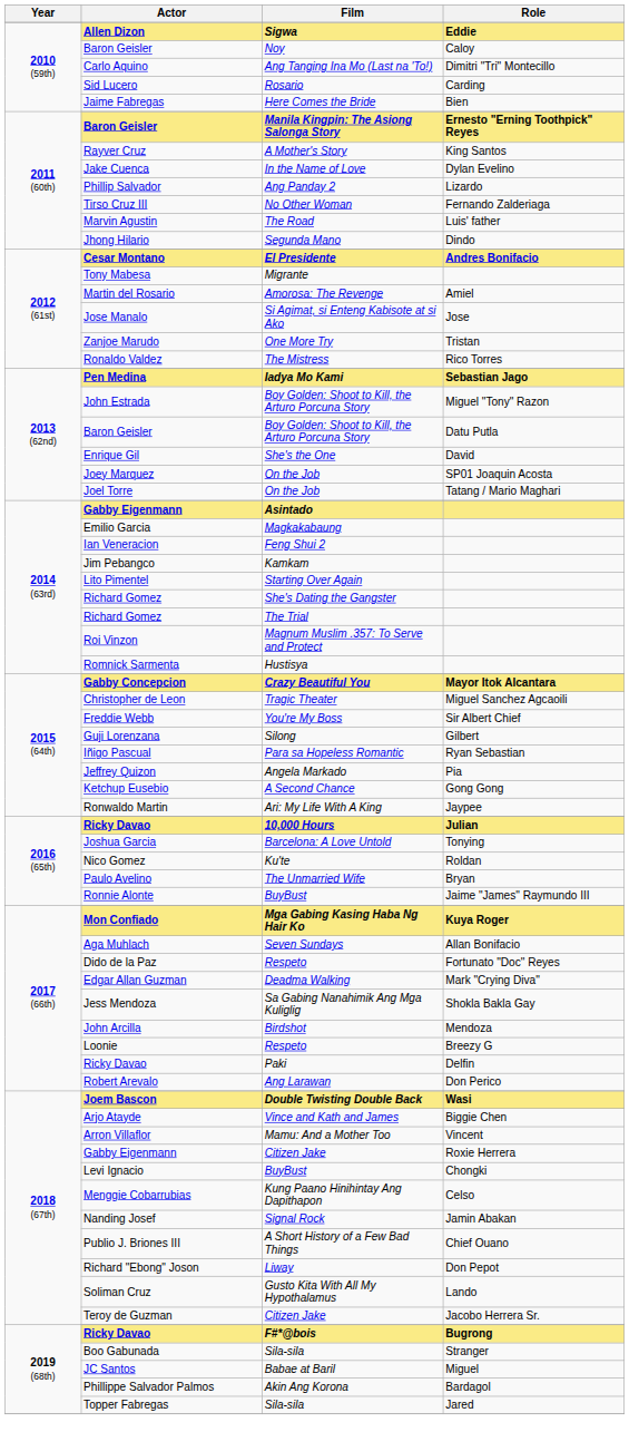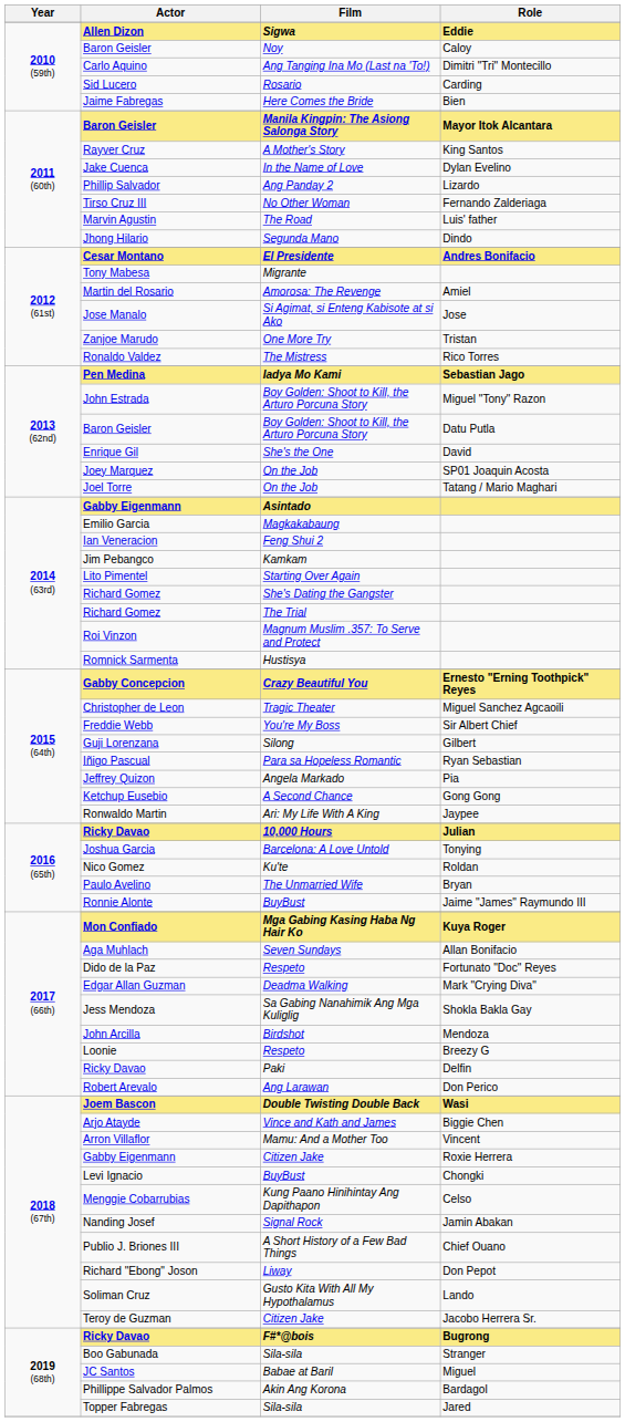 <table class="wikitable" style="width:100%">
 <tr bgcolor="#bebebe">
 <th width="8%">Year</th>
 <th width="19%">Actor</th>
 <th width="19%">Film</th>
 <th width="19%">Role</th>
 </tr>
 <tr>
 </tr>
 <tr>
 <td rowspan=6 style="text-align:center"><strong><a href='#'>2010</a></strong><br><small>(59th)</small></td>
 </tr>
 <tr style="background:#FAEB86">
 <td><strong><a href='#'>Allen Dizon</a></strong></td>
 <td><strong><em>Sigwa</em></strong></td>
 <td><strong>Eddie</strong></td>
 </tr>
 <tr>
 <td><a href='#'>Baron Geisler</a></td>
 <td><em><a href='#'>Noy</a></em></td>
 <td>Caloy</td>
 </tr>
 <tr>
 <td><a href='#'>Carlo Aquino</a></td>
 <td><em><a href='#'>Ang Tanging Ina Mo (Last na 'To!)</a></em></td>
 <td>Dimitri "Tri" Montecillo</td>
 </tr>
 <tr>
 <td><a href='#'>Sid Lucero</a></td>
 <td><em><a href='#'>Rosario</a></em></td>
 <td>Carding</td>
 </tr>
 <tr>
 <td><a href='#'>Jaime Fabregas</a></td>
 <td><em><a href='#'>Here Comes the Bride</a></em></td>
 <td>Bien</td>
 </tr>
 <tr>
 <td rowspan=8 style="text-align:center"><strong><a href='#'>2011</a></strong><br><small>(60th)</small></td>
 </tr>
 <tr style="background:#FAEB86">
 <td><strong><a href='#'>Baron Geisler</a></strong></td>
 <td><strong><em><a href='#'>Manila Kingpin: The Asiong Salonga Story</a></em></strong></td>
-<td><strong> Ernesto "Erning Toothpick" Reyes</strong></td>
+<td><strong>Mayor Itok Alcantara</strong></td>
 </tr>
 <tr>
 <td><a href='#'>Rayver Cruz</a></td>
 <td><em><a href='#'>A Mother's Story</a></em></td>
 <td>King Santos</td>
 </tr>
 <tr>
 <td><a href='#'>Jake Cuenca</a></td>
 <td><em><a href='#'>In the Name of Love</a></em></td>
 <td>Dylan Evelino</td>
 </tr>
 <tr>
 <td><a href='#'>Phillip Salvador</a></td>
 <td><em><a href='#'>Ang Panday 2</a></em></td>
 <td>Lizardo</td>
 </tr>
 <tr>
 <td><a href='#'>Tirso Cruz III</a></td>
 <td><em><a href='#'>No Other Woman</a></em></td>
 <td>Fernando Zalderiaga</td>
 </tr>
 <tr>
 <td><a href='#'>Marvin Agustin</a></td>
 <td><em><a href='#'>The Road</a></em></td>
 <td>Luis' father</td>
 </tr>
 <tr>
 <td><a href='#'>Jhong Hilario</a></td>
 <td><em><a href='#'>Segunda Mano</a></em></td>
 <td>Dindo</td>
 </tr>
 <tr>
 <td rowspan=7 style="text-align:center"><strong><a href='#'>2012</a></strong><br><small>(61st)</small></td>
 </tr>
 <tr style="background:#FAEB86">
 <td><strong><a href='#'>Cesar Montano</a></strong></td>
 <td><strong><em><a href='#'>El Presidente</a></em></strong></td>
 <td><strong><a href='#'>Andres Bonifacio</a></strong></td>
 </tr>
 <tr>
 <td><a href='#'>Tony Mabesa</a></td>
 <td><em>Migrante</em></td>
 <td></td>
 </tr>
 <tr>
 <td><a href='#'>Martin del Rosario</a></td>
 <td><em><a href='#'>Amorosa: The Revenge</a></em></td>
 <td>Amiel</td>
 </tr>
 <tr>
 <td><a href='#'>Jose Manalo</a></td>
 <td><em><a href='#'>Si Agimat, si Enteng Kabisote at si Ako</a></em></td>
 <td>Jose</td>
 </tr>
 <tr>
 <td><a href='#'>Zanjoe Marudo</a></td>
 <td><em><a href='#'>One More Try</a></em></td>
 <td>Tristan</td>
 </tr>
 <tr>
 <td><a href='#'>Ronaldo Valdez</a></td>
 <td><em><a href='#'>The Mistress</a></em></td>
 <td>Rico Torres</td>
 </tr>
 <tr>
 <td rowspan=7 style="text-align:center"><strong><a href='#'>2013</a></strong><br><small>(62nd)</small></td>
 </tr>
 <tr style="background:#FAEB86">
 <td><strong><a href='#'>Pen Medina</a></strong></td>
 <td><strong><em>Iadya Mo Kami</em></strong></td>
 <td><strong>Sebastian Jago</strong></td>
 </tr>
 <tr>
 <td><a href='#'>John Estrada</a></td>
 <td><em><a href='#'>Boy Golden: Shoot to Kill, the Arturo Porcuna Story</a></em></td>
 <td>Miguel "Tony" Razon</td>
 </tr>
 <tr>
 <td><a href='#'>Baron Geisler</a></td>
 <td><em><a href='#'>Boy Golden: Shoot to Kill, the Arturo Porcuna Story</a></em></td>
 <td>Datu Putla</td>
 </tr>
 <tr>
 <td><a href='#'>Enrique Gil</a></td>
 <td><em><a href='#'>She's the One</a></em></td>
 <td>David</td>
 </tr>
 <tr>
 <td><a href='#'>Joey Marquez</a></td>
 <td><em><a href='#'>On the Job</a></em></td>
 <td>SP01 Joaquin Acosta</td>
 </tr>
 <tr>
 <td><a href='#'>Joel Torre</a></td>
 <td><em><a href='#'>On the Job</a></em></td>
 <td>Tatang / Mario Maghari</td>
 </tr>
 <tr>
 <td rowspan=10 style="text-align:center"><strong><a href='#'>2014</a></strong><br><small>(63rd)</small></td>
 </tr>
 <tr style="background:#FAEB86">
 <td><strong><a href='#'>Gabby Eigenmann</a></strong></td>
 <td><strong><em>Asintado</em></strong></td>
 <td></td>
 </tr>
 <tr>
 <td>Emilio Garcia</td>
 <td><em><a href='#'>Magkakabaung</a></em></td>
 <td></td>
 </tr>
 <tr>
 <td><a href='#'>Ian Veneracion</a></td>
 <td><em><a href='#'>Feng Shui 2</a></em></td>
 <td></td>
 </tr>
 <tr>
 <td>Jim Pebangco</td>
 <td><em>Kamkam</em></td>
 <td></td>
 </tr>
 <tr>
 <td><a href='#'>Lito Pimentel</a></td>
 <td><em><a href='#'>Starting Over Again</a></em></td>
 <td></td>
 </tr>
 <tr>
 <td><a href='#'>Richard Gomez</a></td>
 <td><em><a href='#'>She's Dating the Gangster</a></em></td>
 <td></td>
 </tr>
 <tr>
 <td><a href='#'>Richard Gomez</a></td>
 <td><em><a href='#'>The Trial</a></em></td>
 <td></td>
 </tr>
 <tr>
 <td><a href='#'>Roi Vinzon</a></td>
 <td><em><a href='#'>Magnum Muslim .357: To Serve and Protect</a></em></td>
 <td></td>
 </tr>
 <tr>
 <td><a href='#'>Romnick Sarmenta</a></td>
 <td><em>Hustisya</em></td>
 <td></td>
 </tr>
 <tr>
 <td rowspan=9 style="text-align:center"><strong><a href='#'>2015</a></strong><br><small>(64th)</small></td>
 </tr>
 <tr style="background:#FAEB86">
 <td><strong><a href='#'>Gabby Concepcion</a></strong></td>
 <td><strong><em><a href='#'>Crazy Beautiful You</a></em></strong></td>
-<td><strong>Mayor Itok Alcantara</strong></td>
+<td><strong> Ernesto "Erning Toothpick" Reyes</strong></td>
 </tr>
 <tr>
 <td><a href='#'>Christopher de Leon</a></td>
 <td><em><a href='#'>Tragic Theater</a></em></td>
 <td>Miguel Sanchez Agcaoili</td>
 </tr>
 <tr>
 <td><a href='#'>Freddie Webb</a></td>
 <td><em><a href='#'>You're My Boss</a></em></td>
 <td>Sir Albert Chief</td>
 </tr>
 <tr>
 <td><a href='#'>Guji Lorenzana</a></td>
 <td><em>Silong</em></td>
 <td>Gilbert</td>
 </tr>
 <tr>
 <td><a href='#'>Iñigo Pascual</a></td>
 <td><em><a href='#'>Para sa Hopeless Romantic</a></em></td>
 <td>Ryan Sebastian</td>
 </tr>
 <tr>
 <td><a href='#'>Jeffrey Quizon</a></td>
 <td><em>Angela Markado</em></td>
 <td>Pia</td>
 </tr>
 <tr>
 <td><a href='#'>Ketchup Eusebio</a></td>
 <td><em><a href='#'>A Second Chance</a></em></td>
 <td>Gong Gong</td>
 </tr>
 <tr>
 <td>Ronwaldo Martin</td>
 <td><em>Ari: My Life With A King</em></td>
 <td>Jaypee</td>
 </tr>
 <tr>
 <td rowspan=6 style="text-align:center"><strong><a href='#'>2016</a></strong><br><small>(65th)</small></td>
 </tr>
 <tr style="background:#FAEB86">
 <td><strong><a href='#'>Ricky Davao</a></strong></td>
 <td><strong><em><a href='#'>10,000 Hours</a></em></strong></td>
 <td><strong>Julian</strong></td>
 </tr>
 <tr>
 <td><a href='#'>Joshua Garcia</a></td>
 <td><em><a href='#'>Barcelona: A Love Untold</a></em></td>
 <td>Tonying</td>
 </tr>
 <tr>
 <td>Nico Gomez</td>
 <td><em>Ku'te</em></td>
 <td>Roldan</td>
 </tr>
 <tr>
 <td><a href='#'>Paulo Avelino</a></td>
 <td><em><a href='#'>The Unmarried Wife</a></em></td>
 <td>Bryan</td>
 </tr>
 <tr>
 <td><a href='#'>Ronnie Alonte</a></td>
 <td><em><a href='#'>BuyBust</a></em></td>
 <td>Jaime "James" Raymundo III</td>
 </tr>
 <tr>
 <td rowspan=10 style="text-align:center"><strong><a href='#'>2017</a></strong><br><small>(66th)</small></td>
 </tr>
 <tr style="background:#FAEB86">
 <td><strong><a href='#'>Mon Confiado</a></strong></td>
 <td><strong><em>Mga Gabing Kasing Haba Ng Hair Ko</em></strong></td>
 <td><strong>Kuya Roger</strong></td>
 </tr>
 <tr>
 <td><a href='#'>Aga Muhlach</a></td>
 <td><em><a href='#'>Seven Sundays</a></em></td>
 <td>Allan Bonifacio</td>
 </tr>
 <tr>
 <td>Dido de la Paz</td>
 <td><em><a href='#'>Respeto</a></em></td>
 <td>Fortunato "Doc" Reyes</td>
 </tr>
 <tr>
 <td><a href='#'>Edgar Allan Guzman</a></td>
 <td><em><a href='#'>Deadma Walking</a></em></td>
 <td>Mark "Crying Diva"</td>
 </tr>
 <tr>
 <td>Jess Mendoza</td>
 <td><em>Sa Gabing Nanahimik Ang Mga Kuliglig</em></td>
 <td>Shokla Bakla Gay</td>
 </tr>
 <tr>
 <td><a href='#'>John Arcilla</a></td>
 <td><em><a href='#'>Birdshot</a></em></td>
 <td>Mendoza</td>
 </tr>
 <tr>
 <td>Loonie</td>
 <td><em><a href='#'>Respeto</a></em></td>
 <td>Breezy G</td>
 </tr>
 <tr>
 <td><a href='#'>Ricky Davao</a></td>
 <td><em>Paki</em></td>
 <td>Delfin</td>
 </tr>
 <tr>
 <td><a href='#'>Robert Arevalo</a></td>
 <td><em><a href='#'>Ang Larawan</a></em></td>
 <td>Don Perico</td>
 </tr>
 <tr>
 <td rowspan=12 style="text-align:center"><strong><a href='#'>2018</a></strong><br><small>(67th)</small></td>
 </tr>
 <tr style="background:#FAEB86">
 <td><strong><a href='#'>Joem Bascon</a></strong></td>
 <td><strong><em>Double Twisting Double Back</em></strong></td>
 <td><strong>Wasi</strong></td>
 </tr>
 <tr>
 <td><a href='#'>Arjo Atayde</a></td>
 <td><em><a href='#'>Vince and Kath and James</a></em></td>
 <td>Biggie Chen</td>
 </tr>
 <tr>
 <td><a href='#'>Arron Villaflor</a></td>
 <td><em>Mamu: And a Mother Too</em></td>
 <td>Vincent</td>
 </tr>
 <tr>
 <td><a href='#'>Gabby Eigenmann</a></td>
 <td><em><a href='#'>Citizen Jake</a></em></td>
 <td>Roxie Herrera</td>
 </tr>
 <tr>
 <td>Levi Ignacio</td>
 <td><em><a href='#'>BuyBust</a></em></td>
 <td>Chongki</td>
 </tr>
 <tr>
 <td><a href='#'>Menggie Cobarrubias</a></td>
 <td><em>Kung Paano Hinihintay Ang Dapithapon</em></td>
 <td>Celso</td>
 </tr>
 <tr>
 <td>Nanding Josef</td>
 <td><em><a href='#'>Signal Rock</a></em></td>
 <td>Jamin Abakan</td>
 </tr>
 <tr>
 <td>Publio J. Briones III</td>
 <td><em>A Short History of a Few Bad Things</em></td>
 <td>Chief Ouano</td>
 </tr>
 <tr>
 <td>Richard "Ebong" Joson</td>
 <td><em><a href='#'>Liway</a></em></td>
 <td>Don Pepot</td>
 </tr>
 <tr>
 <td>Soliman Cruz</td>
 <td><em>Gusto Kita With All My Hypothalamus</em></td>
 <td>Lando</td>
 </tr>
 <tr>
 <td>Teroy de Guzman</td>
 <td><em><a href='#'>Citizen Jake</a></em></td>
 <td>Jacobo Herrera Sr.</td>
 </tr>
 <tr>
 <td rowspan=6 style="text-align:center"><strong>2019</strong><br><small>(68th)</small></td>
 </tr>
 <tr style="background:#FAEB86">
 <td><strong><a href='#'>Ricky Davao</a></strong></td>
 <td><strong><em>F#*@bois</em></strong></td>
 <td><strong>Bugrong</strong></td>
 </tr>
 <tr>
 <td>Boo Gabunada</td>
 <td><em>Sila-sila</em></td>
 <td>Stranger</td>
 </tr>
 <tr>
 <td><a href='#'>JC Santos</a></td>
 <td><em>Babae at Baril</em></td>
 <td>Miguel</td>
 </tr>
 <tr>
 <td>Phillippe Salvador Palmos</td>
 <td><em>Akin Ang Korona</em></td>
 <td>Bardagol</td>
 </tr>
 <tr>
 <td>Topper Fabregas</td>
 <td><em>Sila-sila</em></td>
 <td>Jared</td>
 </tr>
 <tr>
 </tr>
 </table>
